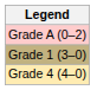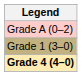 <table class="wikitable" style="font-size:85%;">
 <tr>
 <th>Legend</th>
 </tr>
 <tr style="background:#FFCCCC">
 <td>Grade A (0–2)</td>
 </tr>
 <tr style="background:#C2B280">
 <td>Grade 1 (3–0)</td>
 </tr>
 <tr style="background:#ffecb2">
-<td>Grade 4 (4–0)</td>
+<td><strong>Grade 4 (4–0)</strong></td>
 </tr>
 </table>
